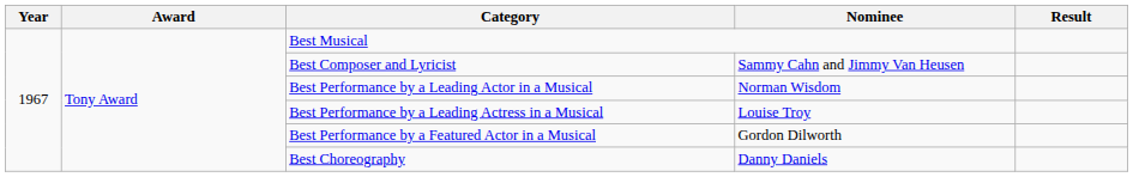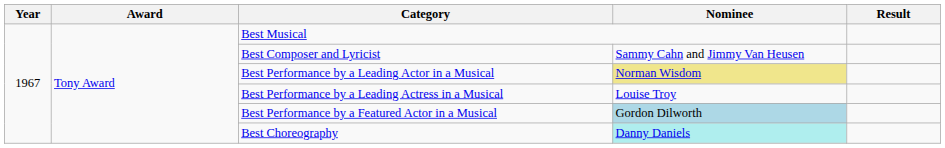 <table class="wikitable" width="95%">
 <tr>
 <th width="5%">Year</th>
 <th width="20%">Award</th>
 <th width="40%">Category</th>
 <th width="25%">Nominee</th>
 <th width="10%">Result</th>
 </tr>
 <tr>
 <td rowspan="6" align="center">1967</td>
 <td rowspan="6"><a href='#'>Tony Award</a></td>
 <td colspan="2"><a href='#'>Best Musical</a></td>
 <td></td>
 </tr>
 <tr>
 <td><a href='#'>Best Composer and Lyricist</a></td>
 <td><a href='#'>Sammy Cahn</a> and <a href='#'>Jimmy Van Heusen</a></td>
 <td></td>
 </tr>
 <tr>
 <td><a href='#'>Best Performance by a Leading Actor in a Musical</a></td>
-<td><a href='#'>Norman Wisdom</a></td>
+<td style="background: khaki;"><a href='#'>Norman Wisdom</a></td>
 <td></td>
 </tr>
 <tr>
 <td><a href='#'>Best Performance by a Leading Actress in a Musical</a></td>
 <td><a href='#'>Louise Troy</a></td>
 <td></td>
 </tr>
 <tr>
 <td><a href='#'>Best Performance by a Featured Actor in a Musical</a></td>
-<td>Gordon Dilworth</td>
+<td style="background: lightblue;">Gordon Dilworth</td>
 <td></td>
 </tr>
 <tr>
 <td><a href='#'>Best Choreography</a></td>
-<td><a href='#'>Danny Daniels</a></td>
+<td style="background: paleturquoise;"><a href='#'>Danny Daniels</a></td>
 <td></td>
 </tr>
 </table>
